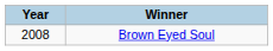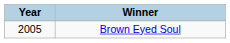 <table class="wikitable" style="text-align: center">
 <tr>
 <th width="70" style="background:#b3d1e3;">Year</th>
 <th width="250" style="background:#b3d1e3;">Winner</th>
 </tr>
 <tr>
-<td>2008</td>
+<td>2005</td>
 <td><a href='#'>Brown Eyed Soul</a></td>
 </tr>
 </table>
